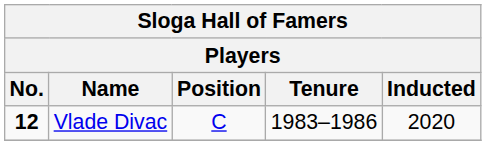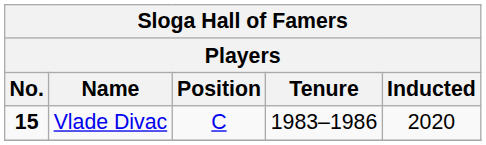 <table class="wikitable" style="text-align:center">
 <tr>
 <th colspan="5">Sloga Hall of Famers</th>
 </tr>
 <tr>
 <th colspan="5">Players</th>
 </tr>
 <tr>
 <th>No.</th>
 <th>Name</th>
 <th>Position</th>
 <th>Tenure</th>
 <th>Inducted</th>
 </tr>
 <tr>
-<td><strong>12</strong></td>
+<td><strong>15</strong></td>
 <td><a href='#'>Vlade Divac</a></td>
 <td><a href='#'>C</a></td>
 <td>1983–1986</td>
 <td>2020</td>
 </tr>
 <tr>
 </tr>
 </table>
